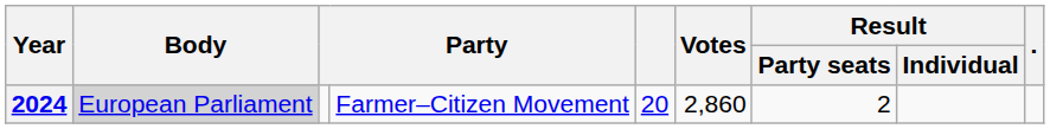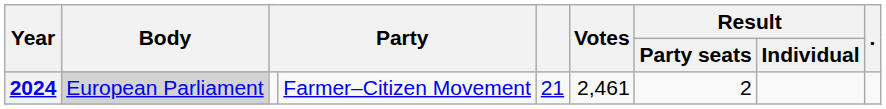 <table class="wikitable plainrowheaders sortable" border=2 cellpadding=4 cellspacing=0 style="border: 1px #aaa solid; font-size: 90%; text-align:center;">
 <tr>
 <th scope="col" rowspan=2>Year</th>
 <th scope="col" rowspan=2>Body</th>
 <th scope="col" colspan=2 rowspan=2>Party</th>
 <th scope="col" rowspan=2></th>
 <th scope="col" rowspan=2>Votes</th>
 <th scope="colgroup" colspan=2>Result</th>
 <th scope="col" rowspan=2>.</th>
 </tr>
 <tr>
 <th scope="col">Party seats</th>
 <th scope="col">Individual</th>
 </tr>
 <tr>
 <th scope="row"><a href='#'>2024</a></th>
 <td style="background: lightgrey;"><a href='#'>European Parliament</a></td>
 <td style="background-color:"></td>
 <td><a href='#'>Farmer–Citizen Movement</a></td>
-<td style=text-align:right><a href='#'>20</a></td>
-<td style=text-align:right>2,860</td>
+<td style=text-align:right><a href='#'>21</a></td>
+<td style=text-align:right>2,461</td>
 <td style=text-align:right>2</td>
 <td></td>
 <td></td>
 </tr>
 </table>
